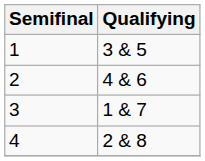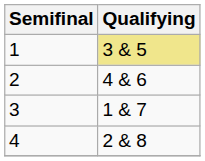 <table class="wikitable" align="right">
 <tr>
 <th>Semifinal</th>
 <th>Qualifying</th>
 </tr>
 <tr>
 <td>1</td>
-<td>3 & 5</td>
+<td style="background: khaki;">3 & 5</td>
 </tr>
 <tr>
 <td>2</td>
 <td>4 & 6</td>
 </tr>
 <tr>
 <td>3</td>
 <td>1 & 7</td>
 </tr>
 <tr>
 <td>4</td>
 <td>2 & 8</td>
 </tr>
 <tr>
 </tr>
 </table>
